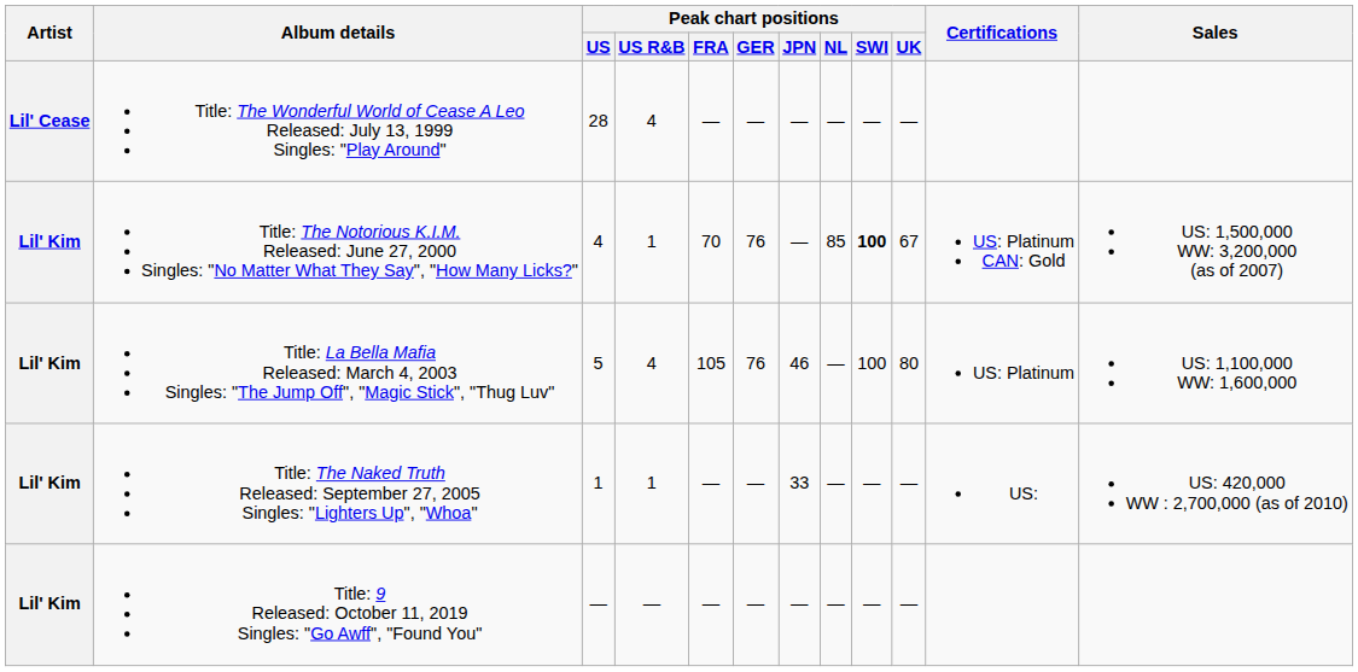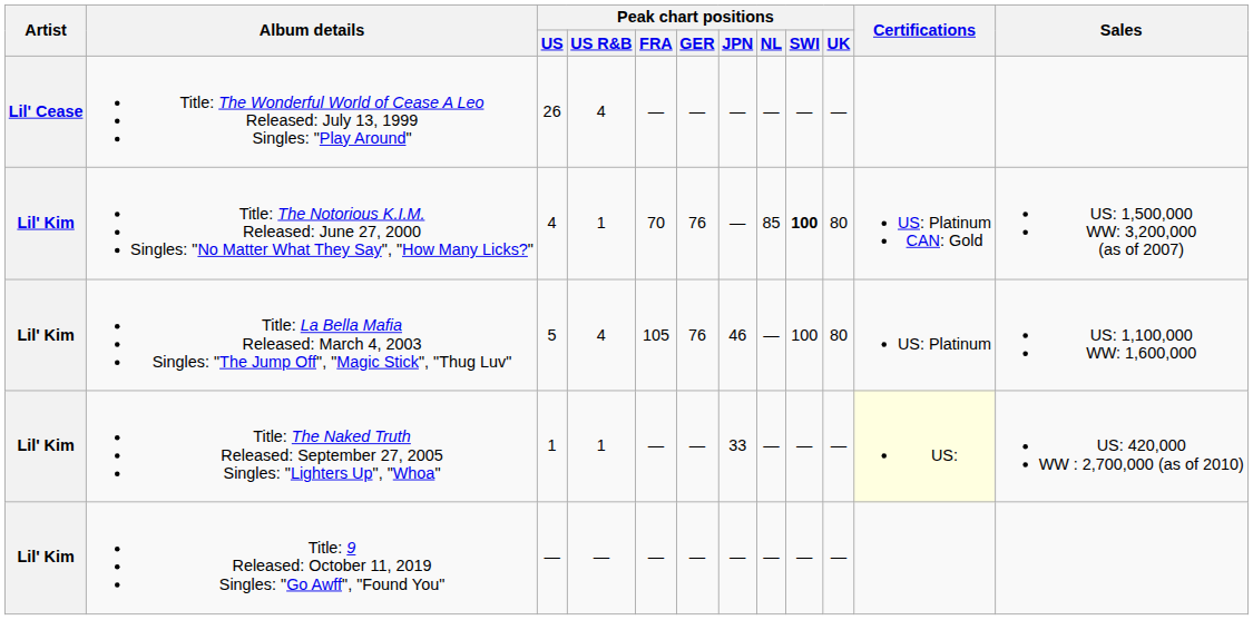 <table class="wikitable plainrowheaders" style="text-align:center;">
 <tr>
 <th scope="col" rowspan="2">Artist</th>
 <th scope="col" rowspan="2">Album details</th>
 <th scope="col" colspan="8">Peak chart positions</th>
 <th scope="col" rowspan="2"><a href='#'>Certifications</a></th>
 <th scope="col" rowspan="2">Sales</th>
 </tr>
 <tr>
 <th scope="col"><a href='#'>US</a></th>
 <th scope="col"><a href='#'>US R&B</a></th>
 <th scope="col"><a href='#'>FRA</a></th>
 <th scope="col"><a href='#'>GER</a></th>
 <th scope="col"><a href='#'>JPN</a></th>
 <th scope="col"><a href='#'>NL</a></th>
 <th scope="col"><a href='#'>SWI</a></th>
 <th scope="col"><a href='#'>UK</a></th>
 </tr>
 <tr>
 <th scope="row"><a href='#'>Lil' Cease</a></th>
 <td><br><ul><li>Title: <em><a href='#'>The Wonderful World of Cease A Leo</a></em></li><li>Released: July 13, 1999</li><li>Singles: "<a href='#'>Play Around</a>"</li></ul></td>
-<td>28</td>
+<td>26</td>
 <td>4</td>
 <td>—</td>
 <td>—</td>
 <td>—</td>
 <td>—</td>
 <td>—</td>
 <td>—</td>
 <td></td>
 <td></td>
 </tr>
 <tr>
 <th scope="row"><a href='#'>Lil' Kim</a></th>
 <td><br><ul><li>Title: <em><a href='#'>The Notorious K.I.M.</a></em></li><li>Released: June 27, 2000</li><li>Singles: "<a href='#'>No Matter What They Say</a>", "<a href='#'>How Many Licks?</a>"</li></ul></td>
 <td>4</td>
 <td>1</td>
 <td>70</td>
 <td>76</td>
 <td>—</td>
 <td>85</td>
 <td><strong>100</strong></td>
-<td>67</td>
+<td>80</td>
 <td><br><ul><li><a href='#'>US</a>: Platinum</li><li><a href='#'>CAN</a>: Gold</li></ul></td>
 <td><br><ul><li>US: 1,500,000</li><li>WW: 3,200,000 <br> (as of 2007)</li></ul></td>
 </tr>
 <tr>
 <th scope="row">Lil' Kim</th>
 <td><br><ul><li>Title: <em><a href='#'>La Bella Mafia</a></em></li><li>Released: March 4, 2003</li><li>Singles: "<a href='#'>The Jump Off</a>", "<a href='#'>Magic Stick</a>", "Thug Luv"</li></ul></td>
 <td>5</td>
 <td>4</td>
 <td>105</td>
 <td>76</td>
 <td>46</td>
 <td>—</td>
 <td>100</td>
 <td>80</td>
 <td><br><ul><li>US: Platinum</li></ul></td>
 <td><br><ul><li>US: 1,100,000</li><li>WW: 1,600,000</li></ul></td>
 </tr>
 <tr>
 <th scope="row">Lil' Kim</th>
 <td><br><ul><li>Title: <em><a href='#'>The Naked Truth</a></em></li><li>Released: September 27, 2005</li><li>Singles: "<a href='#'>Lighters Up</a>", "<a href='#'>Whoa</a>"</li></ul></td>
 <td>1</td>
 <td>1</td>
 <td>—</td>
 <td>—</td>
 <td>33</td>
 <td>—</td>
 <td>—</td>
 <td>—</td>
-<td><br><ul><li>US:</li></ul></td>
+<td style="background: lightyellow;"><br><ul><li>US:</li></ul></td>
 <td><br><ul><li>US: 420,000</li><li>WW : 2,700,000 (as of 2010)</li></ul></td>
 </tr>
 <tr>
 <th scope="row">Lil' Kim</th>
 <td><br><ul><li>Title: <em><a href='#'>9</a></em></li><li>Released: October 11, 2019</li><li>Singles: "<a href='#'>Go Awff</a>", "Found You"</li></ul></td>
 <td>—</td>
 <td>—</td>
 <td>—</td>
 <td>—</td>
 <td>—</td>
 <td>—</td>
 <td>—</td>
 <td>—</td>
 <td></td>
 <td></td>
 </tr>
 </table>
